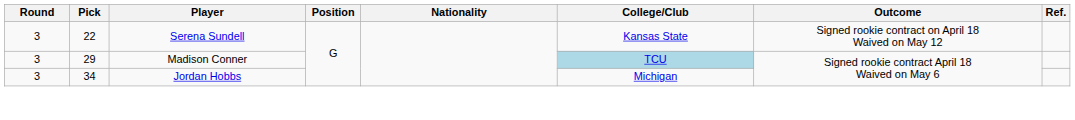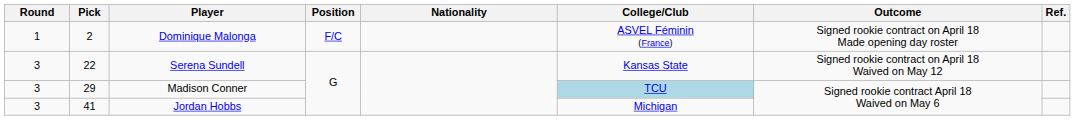 <table class="wikitable sortable sortable" style="text-align: center">
 <tr>
 <th width="5%">Round</th>
 <th width="3%">Pick</th>
 <th width="15%">Player</th>
 <th width="3%">Position</th>
 <th width="15%">Nationality</th>
 <th width="15%">College/Club</th>
 <th width="22%">Outcome</th>
 <th width="1%">Ref.</th>
+</tr>
+<tr>
+<td>1</td>
+<td>2</td>
+<td><a href='#'>Dominique Malonga</a></td>
+<td><a href='#'>F/C</a></td>
+<td></td>
+<td><a href='#'>ASVEL Féminin</a> <br><small>(<a href='#'>France</a>)</small><br></td>
+<td>Signed rookie contract on April 18<br>Made opening day roster</td>
+<td></td>
 </tr>
 <tr>
 <td>3</td>
 <td>22</td>
 <td><a href='#'>Serena Sundell</a></td>
 <td rowspan=3>G</td>
 <td rowspan=3></td>
 <td><a href='#'>Kansas State</a></td>
 <td>Signed rookie contract on April 18<br>Waived on May 12</td>
 <td></td>
 </tr>
 <tr>
 <td>3</td>
 <td>29</td>
 <td>Madison Conner</td>
 <td style="background: lightblue;"><a href='#'>TCU</a></td>
 <td rowspan=2>Signed rookie contract April 18<br>Waived on May 6</td>
 <td></td>
 </tr>
 <tr>
 <td>3</td>
-<td>34</td>
+<td>41</td>
 <td><a href='#'>Jordan Hobbs</a></td>
 <td><a href='#'>Michigan</a></td>
 <td></td>
 </tr>
 </table>
